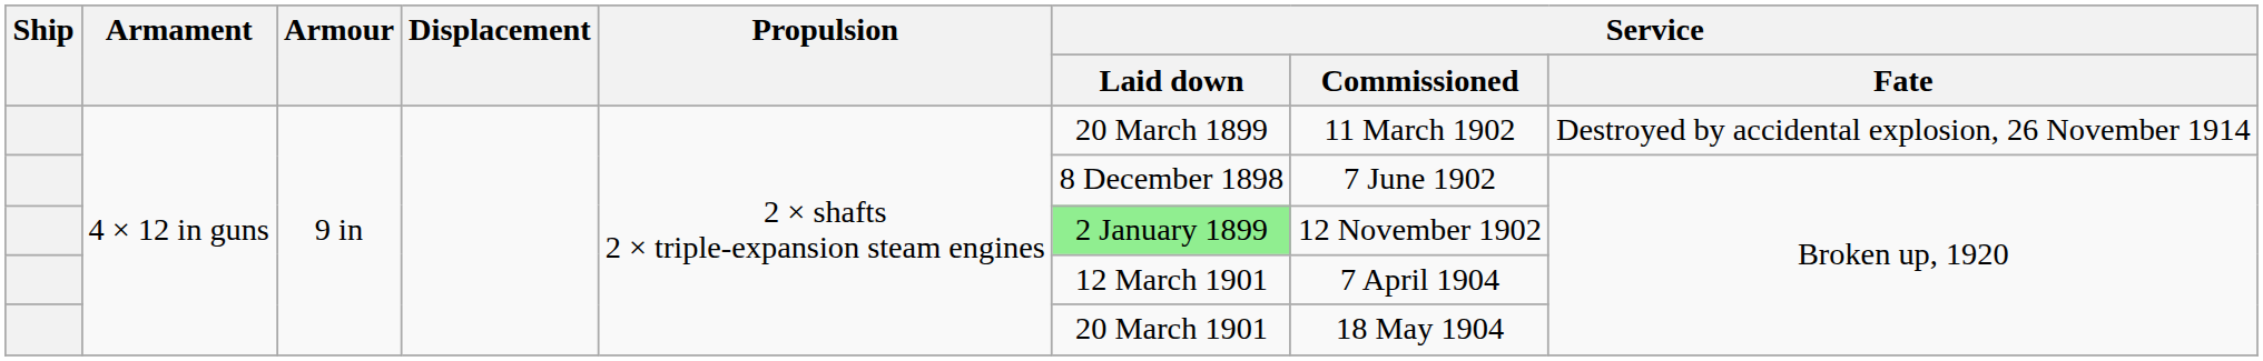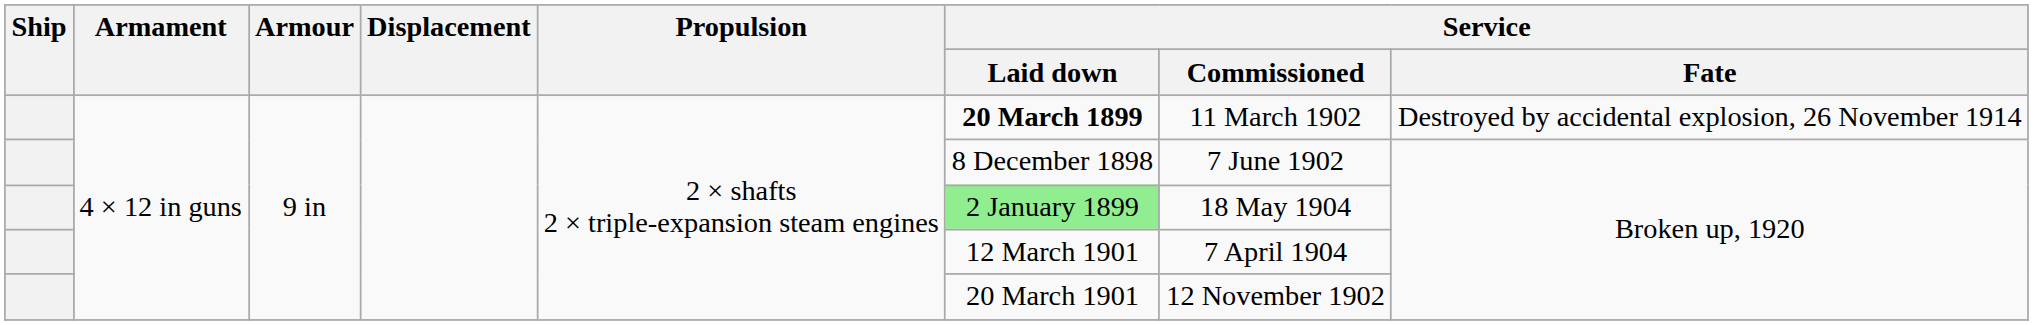 <table class="wikitable plainrowheaders" style="text-align: center;">
 <tr valign="top">
 <th scope="col" rowspan="2">Ship</th>
 <th scope="col" rowspan="2">Armament</th>
 <th scope="col" rowspan="2">Armour</th>
 <th scope="col" rowspan="2">Displacement</th>
 <th scope="col" rowspan="2">Propulsion</th>
 <th scope="col" colspan="3">Service</th>
 </tr>
 <tr valign="top">
 <th scope="col">Laid down</th>
 <th scope="col">Commissioned</th>
 <th scope="col">Fate</th>
 </tr>
 <tr valign="center">
 <th scope="row"></th>
 <td rowspan="5">4 × 12 in guns</td>
 <td rowspan="5">9 in</td>
 <td rowspan="5"></td>
 <td rowspan="5">2 × shafts<br>2 × triple-expansion steam engines<br></td>
-<td>20 March 1899</td>
+<td><strong>20 March 1899</strong></td>
 <td>11 March 1902</td>
 <td>Destroyed by accidental explosion, 26 November 1914</td>
 </tr>
 <tr valign="center">
 <th scope="row"></th>
 <td>8 December 1898</td>
 <td>7 June 1902</td>
 <td rowspan="4">Broken up, 1920</td>
 </tr>
 <tr valign="top">
 <th scope="row"></th>
 <td style="background: lightgreen;">2 January 1899</td>
-<td>12 November 1902</td>
+<td>18 May 1904</td>
 </tr>
 <tr valign="top">
 <th scope="row"></th>
 <td>12 March 1901</td>
 <td>7 April 1904</td>
 </tr>
 <tr valign="top">
 <th scope="row"></th>
 <td>20 March 1901</td>
-<td>18 May 1904</td>
+<td>12 November 1902</td>
 </tr>
 </table>
